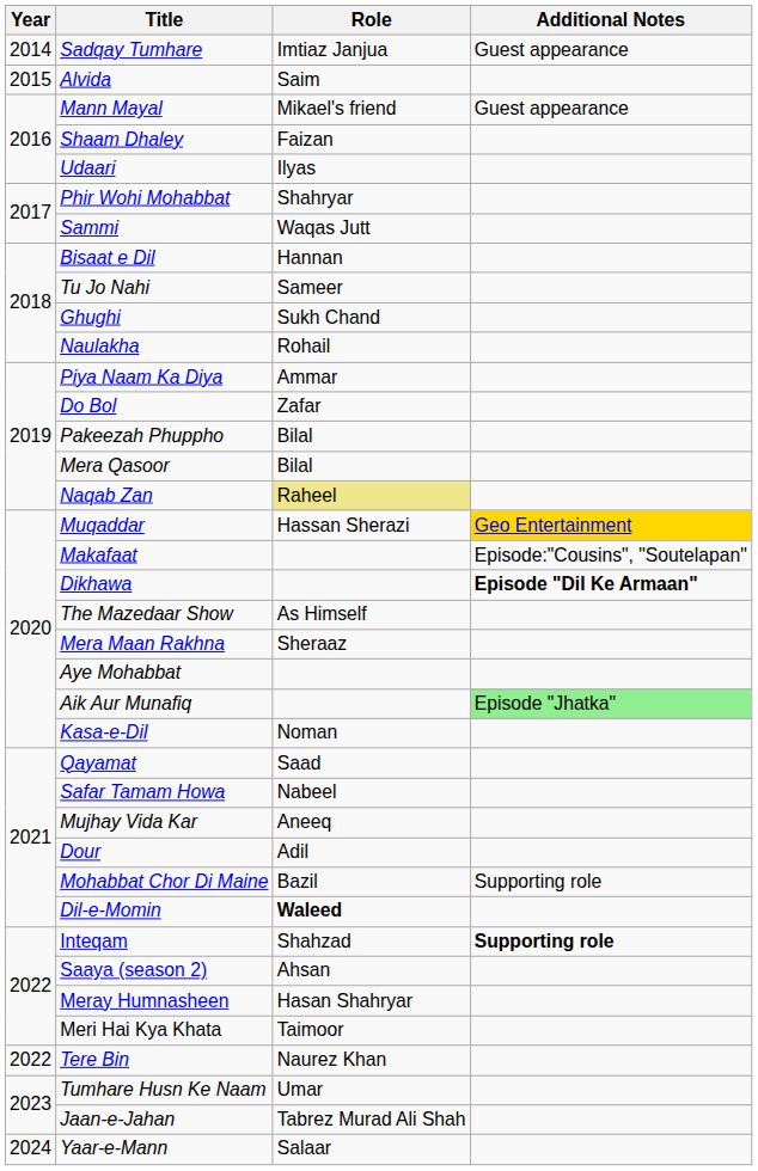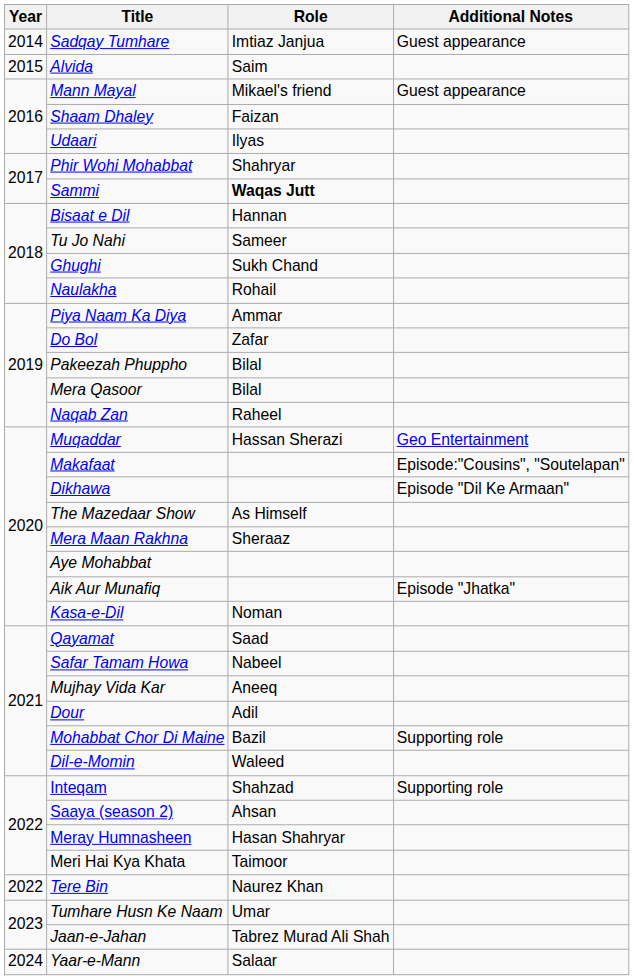 <table class="wikitable">
 <tr>
 <th>Year</th>
 <th>Title</th>
 <th>Role</th>
 <th>Additional Notes</th>
 </tr>
 <tr>
 <td>2014</td>
 <td><em><a href='#'>Sadqay Tumhare</a></em></td>
 <td>Imtiaz Janjua</td>
 <td>Guest appearance</td>
 </tr>
 <tr>
 <td>2015</td>
 <td><em><a href='#'>Alvida</a></em></td>
 <td>Saim</td>
 <td></td>
 </tr>
 <tr>
 <td rowspan=3>2016</td>
 <td><em><a href='#'>Mann Mayal</a></em></td>
 <td>Mikael's friend</td>
 <td>Guest appearance</td>
 </tr>
 <tr>
 <td><em><a href='#'>Shaam Dhaley</a></em></td>
 <td>Faizan</td>
 <td></td>
 </tr>
 <tr>
 <td><em><a href='#'>Udaari</a></em></td>
 <td>Ilyas</td>
 <td></td>
 </tr>
 <tr>
 <td rowspan=2>2017</td>
 <td><em><a href='#'>Phir Wohi Mohabbat</a></em></td>
 <td>Shahryar</td>
 <td></td>
 </tr>
 <tr>
 <td><em><a href='#'>Sammi</a></em></td>
-<td>Waqas Jutt</td>
+<td><strong>Waqas Jutt</strong></td>
 <td></td>
 </tr>
 <tr>
 <td rowspan=4>2018</td>
 <td><em><a href='#'>Bisaat e Dil</a></em></td>
 <td>Hannan</td>
 <td></td>
 </tr>
 <tr>
 <td><em>Tu Jo Nahi</em></td>
 <td>Sameer</td>
 <td></td>
 </tr>
 <tr>
 <td><em><a href='#'>Ghughi</a></em></td>
 <td>Sukh Chand</td>
 <td></td>
 </tr>
 <tr>
 <td><em><a href='#'>Naulakha</a></em></td>
 <td>Rohail</td>
 <td></td>
 </tr>
 <tr>
 <td rowspan=5>2019</td>
 <td><em><a href='#'>Piya Naam Ka Diya</a></em></td>
 <td>Ammar</td>
 <td></td>
 </tr>
 <tr>
 <td><em><a href='#'>Do Bol</a></em></td>
 <td>Zafar</td>
 <td></td>
 </tr>
 <tr>
 <td><em>Pakeezah Phuppho</em></td>
 <td>Bilal</td>
 <td></td>
 </tr>
 <tr>
 <td><em>Mera Qasoor</em></td>
 <td>Bilal</td>
 <td></td>
 </tr>
 <tr>
 <td><em><a href='#'>Naqab Zan</a></em></td>
-<td style="background: khaki;">Raheel</td>
+<td>Raheel</td>
 <td></td>
 </tr>
 <tr>
 <td rowspan=8>2020</td>
 <td><em><a href='#'>Muqaddar</a></em></td>
 <td>Hassan Sherazi</td>
-<td style="background: gold;"><a href='#'>Geo Entertainment</a></td>
+<td><a href='#'>Geo Entertainment</a></td>
 </tr>
 <tr>
 <td><em><a href='#'>Makafaat</a></em></td>
 <td></td>
 <td>Episode:"Cousins", "Soutelapan"</td>
 </tr>
 <tr>
 <td><em><a href='#'>Dikhawa</a></em></td>
 <td></td>
-<td><strong>Episode "Dil Ke Armaan"</strong></td>
+<td>Episode "Dil Ke Armaan"</td>
 </tr>
 <tr>
 <td><em>The Mazedaar Show</em></td>
 <td>As Himself</td>
 <td></td>
 </tr>
 <tr>
 <td><em><a href='#'>Mera Maan Rakhna</a></em></td>
 <td>Sheraaz</td>
 <td></td>
 </tr>
 <tr>
 <td><em>Aye Mohabbat</em></td>
 <td></td>
 <td></td>
 </tr>
 <tr>
 <td><em>Aik Aur Munafiq</em></td>
 <td></td>
-<td style="background: lightgreen;">Episode "Jhatka"</td>
+<td>Episode "Jhatka"</td>
 </tr>
 <tr>
 <td><em><a href='#'>Kasa-e-Dil</a></em></td>
 <td>Noman</td>
 <td></td>
 </tr>
 <tr>
 <td rowspan="6">2021</td>
 <td><em><a href='#'>Qayamat</a></em></td>
 <td>Saad</td>
 <td></td>
 </tr>
 <tr>
 <td><em><a href='#'>Safar Tamam Howa</a></em></td>
 <td>Nabeel</td>
 <td></td>
 </tr>
 <tr>
 <td><em>Mujhay Vida Kar</em></td>
 <td>Aneeq</td>
 <td></td>
 </tr>
 <tr>
 <td><em><a href='#'>Dour</a></em></td>
 <td>Adil</td>
 <td></td>
 </tr>
 <tr>
 <td><em><a href='#'>Mohabbat Chor Di Maine</a></em></td>
 <td>Bazil</td>
 <td>Supporting role</td>
 </tr>
 <tr>
 <td><em><a href='#'>Dil-e-Momin</a></em></td>
-<td><strong>Waleed</strong></td>
+<td>Waleed</td>
 <td></td>
 </tr>
 <tr>
 <td rowspan="4">2022</td>
 <td><a href='#'>Inteqam</a></td>
 <td>Shahzad</td>
-<td><strong>Supporting role</strong></td>
+<td>Supporting role</td>
 </tr>
 <tr>
 <td><a href='#'>Saaya (season 2)</a></td>
 <td>Ahsan</td>
 <td></td>
 </tr>
 <tr>
 <td><a href='#'>Meray Humnasheen</a></td>
 <td>Hasan Shahryar</td>
 <td></td>
 </tr>
 <tr>
 <td>Meri Hai Kya Khata</td>
 <td>Taimoor</td>
 <td></td>
 </tr>
 <tr>
 <td>2022</td>
 <td><em><a href='#'>Tere Bin</a></em></td>
 <td>Naurez Khan</td>
 <td></td>
 </tr>
 <tr>
 <td rowspan="2">2023</td>
 <td><em>Tumhare Husn Ke Naam</em></td>
 <td>Umar</td>
 <td></td>
 </tr>
 <tr>
 <td><em>Jaan-e-Jahan</em></td>
 <td>Tabrez Murad Ali Shah</td>
 <td></td>
 </tr>
 <tr>
 <td>2024</td>
 <td><em>Yaar-e-Mann</em></td>
 <td>Salaar</td>
 <td></td>
 </tr>
 </table>
